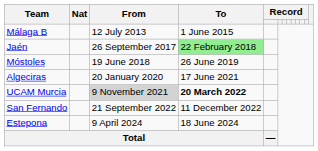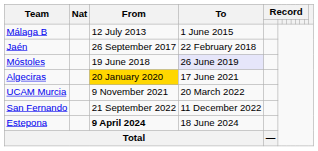 <table class="wikitable" style="text-align: center">
 <tr>
 <th rowspan="2">Team</th>
 <th rowspan="2">Nat</th>
 <th rowspan="2">From</th>
 <th rowspan="2">To</th>
 <th colspan="8">Record</th>
 <th rowspan=2></th>
 </tr>
 <tr>
 <th></th>
 <th></th>
 <th></th>
 <th></th>
 <th></th>
 <th></th>
 <th></th>
 <th></th>
 </tr>
 <tr>
 <td align=left><a href='#'>Málaga B</a></td>
 <td></td>
 <td align=left>12 July 2013</td>
 <td align=left>1 June 2015<br></td>
 <td></td>
 </tr>
 <tr>
 <td align=left><a href='#'>Jaén</a></td>
 <td></td>
 <td align=left>26 September 2017</td>
-<td align=left style="background: lightgreen;">22 February 2018<br></td>
+<td align=left>22 February 2018<br></td>
 <td></td>
 </tr>
 <tr>
 <td align=left><a href='#'>Móstoles</a></td>
 <td></td>
 <td align=left>19 June 2018</td>
-<td align=left>26 June 2019<br></td>
+<td align=left style="background: lavender;">26 June 2019<br></td>
 <td></td>
 </tr>
 <tr>
 <td align=left><a href='#'>Algeciras</a></td>
 <td></td>
-<td align=left>20 January 2020</td>
+<td align=left style="background: gold;">20 January 2020</td>
 <td align=left>17 June 2021<br></td>
 <td></td>
 </tr>
 <tr>
 <td align=left><a href='#'>UCAM Murcia</a></td>
 <td></td>
-<td align=left style="background: lightgrey;">9 November 2021</td>
-<td align=left><strong>20 March 2022<br></strong></td>
+<td align=left>9 November 2021</td>
+<td align=left>20 March 2022<br></td>
 <td></td>
 </tr>
 <tr>
 <td align=left><a href='#'>San Fernando</a></td>
 <td></td>
 <td align=left>21 September 2022</td>
 <td align=left>11 December 2022<br></td>
 <td></td>
 </tr>
 <tr>
 <td align=left><a href='#'>Estepona</a></td>
 <td></td>
-<td align=left>9 April 2024</td>
+<td align=left><strong>9 April 2024</strong></td>
 <td align=left>18 June 2024<br></td>
 <td></td>
 </tr>
 <tr>
 <th colspan="4">Total<br></th>
 <th>—</th>
 </tr>
 </table>
